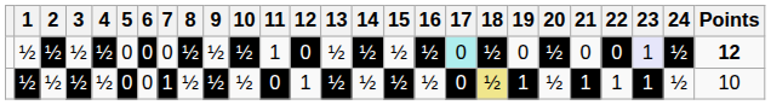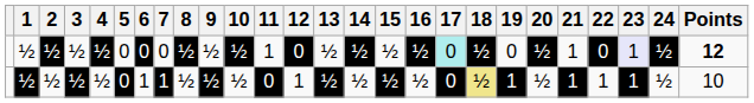 <table class="wikitable" style="text-align:center">
 <tr>
 <th></th>
 <th>1</th>
 <th>2</th>
 <th>3</th>
 <th>4</th>
 <th>5</th>
 <th>6</th>
 <th>7</th>
 <th>8</th>
 <th>9</th>
 <th>10</th>
 <th>11</th>
 <th>12</th>
 <th>13</th>
 <th>14</th>
 <th>15</th>
 <th>16</th>
 <th>17</th>
 <th>18</th>
 <th>19</th>
 <th>20</th>
 <th>21</th>
 <th>22</th>
 <th>23</th>
 <th>24</th>
 <th>Points</th>
 </tr>
 <tr>
 <td align=left></td>
 <td>½</td>
 <td style="background:black; color:white">½</td>
 <td>½</td>
 <td style="background:black; color:white">½</td>
 <td>0</td>
 <td style="background:black; color:white">0</td>
 <td>0</td>
 <td style="background:black; color:white">½</td>
 <td>½</td>
 <td style="background:black; color:white">½</td>
 <td>1</td>
 <td style="background:black; color:white">0</td>
 <td>½</td>
 <td style="background:black; color:white">½</td>
 <td>½</td>
 <td style="background:black; color:white">½</td>
 <td style="background: paleturquoise;">0</td>
 <td style="background:black; color:white">½</td>
 <td>0</td>
 <td style="background:black; color:white">½</td>
-<td>0</td>
+<td>1</td>
 <td style="background:black; color:white">0</td>
 <td style="background: lavender;">1</td>
 <td style="background:black; color:white">½</td>
 <td><strong>12</strong></td>
 </tr>
 <tr>
 <td align=left></td>
 <td style="background:black; color:white">½</td>
 <td>½</td>
 <td style="background:black; color:white">½</td>
 <td>½</td>
 <td style="background:black; color:white">0</td>
-<td>0</td>
+<td>1</td>
 <td style="background:black; color:white">1</td>
 <td>½</td>
 <td style="background:black; color:white">½</td>
 <td>½</td>
 <td style="background:black; color:white">0</td>
 <td>1</td>
 <td style="background:black; color:white">½</td>
 <td>½</td>
 <td style="background:black; color:white">½</td>
 <td>½</td>
 <td style="background:black; color:white">0</td>
 <td style="background: khaki;">½</td>
 <td style="background:black; color:white">1</td>
 <td>½</td>
 <td style="background:black; color:white">1</td>
 <td>1</td>
 <td style="background:black; color:white">1</td>
 <td>½</td>
 <td>10</td>
 </tr>
 </table>
